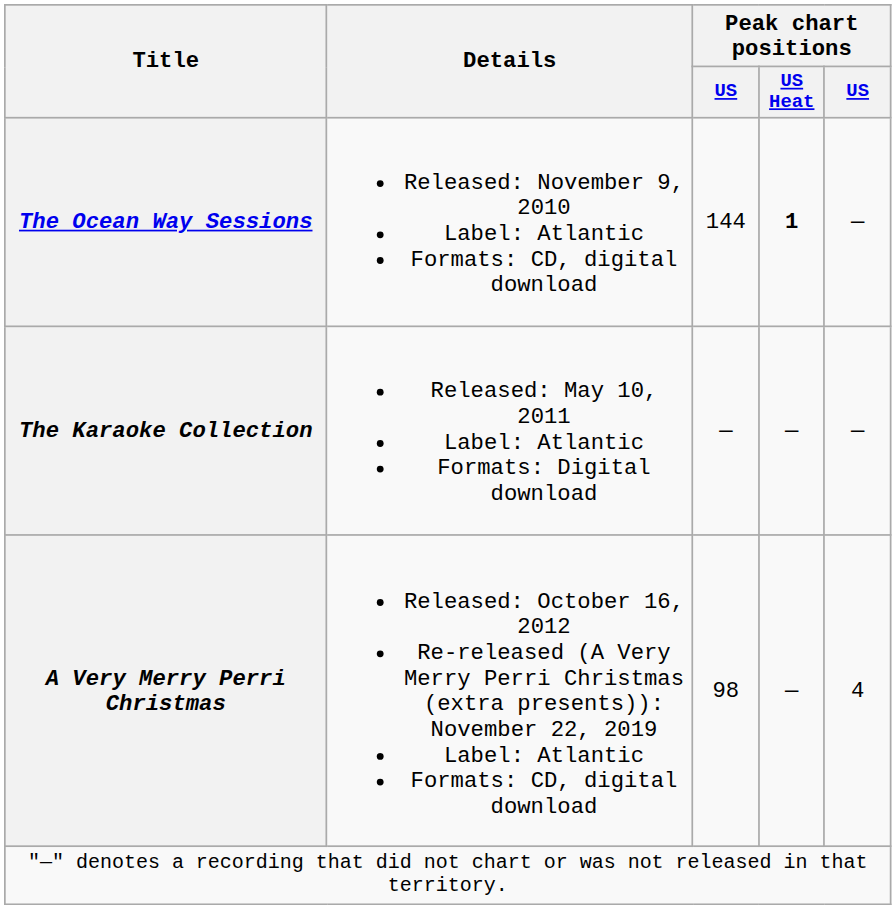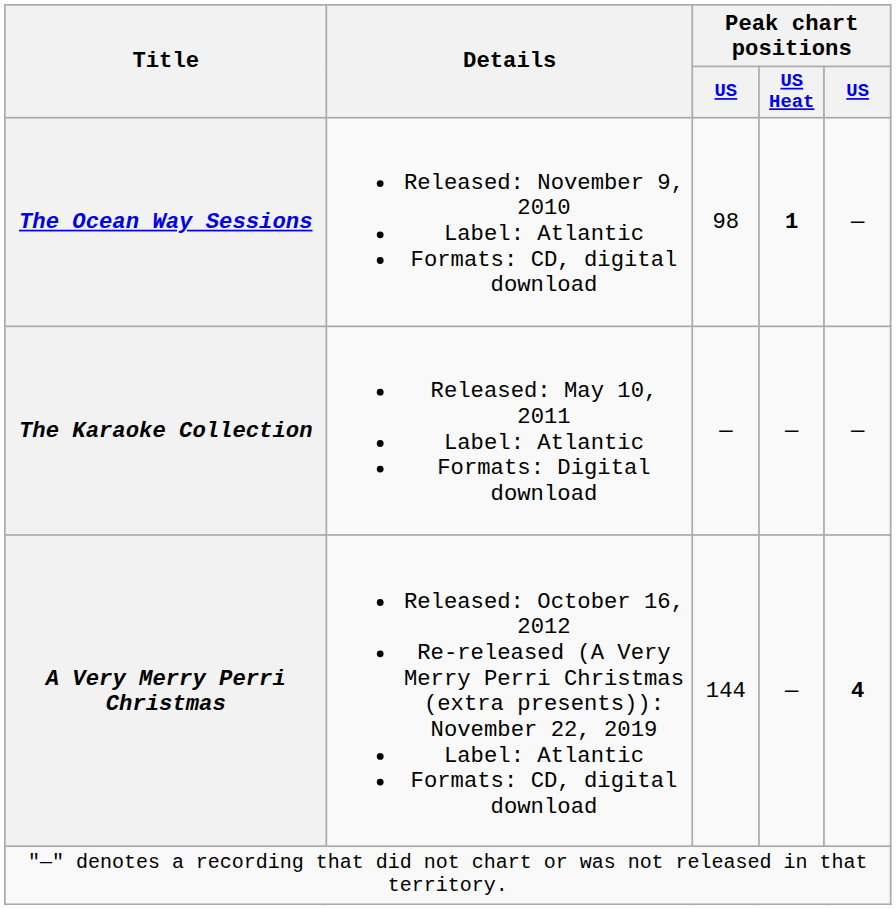 <table class="wikitable plainrowheaders" style="text-align:center;">
 <tr>
 <th scope="col" rowspan="2" style="width:14em;">Title</th>
 <th scope="col" rowspan="2" style="width:16em;">Details</th>
 <th scope="col" colspan="3">Peak chart positions</th>
 </tr>
 <tr>
 <th style="width:3em;font-size:85%;"><a href='#'>US</a><br></th>
 <th style="width:3em;font-size:85%;"><a href='#'>US Heat</a><br></th>
 <th style="width:3em;font-size:85%;"><a href='#'>US </a><br></th>
 </tr>
 <tr>
 <th scope="row"><em><a href='#'>The Ocean Way Sessions</a></em></th>
 <td><br><ul><li>Released: November 9, 2010</li><li>Label: Atlantic</li><li>Formats: CD, digital download</li></ul></td>
-<td>144</td>
+<td>98</td>
 <td><strong>1</strong></td>
 <td>—</td>
 </tr>
 <tr>
 <th scope="row"><em>The Karaoke Collection</em></th>
 <td><br><ul><li>Released: May 10, 2011</li><li>Label: Atlantic</li><li>Formats: Digital download</li></ul></td>
 <td>—</td>
 <td>—</td>
 <td>—</td>
 </tr>
 <tr>
 <th scope="row"><em>A Very Merry Perri Christmas</em></th>
 <td><br><ul><li>Released: October 16, 2012</li><li>Re-released (A Very Merry Perri Christmas (extra presents)): November 22, 2019</li><li>Label: Atlantic</li><li>Formats: CD, digital download</li></ul></td>
-<td>98</td>
+<td>144</td>
 <td>—</td>
-<td>4</td>
+<td><strong>4</strong></td>
 </tr>
 <tr>
 <td colspan="6" style="font-size:90%">"—" denotes a recording that did not chart or was not released in that territory.</td>
 </tr>
 </table>
